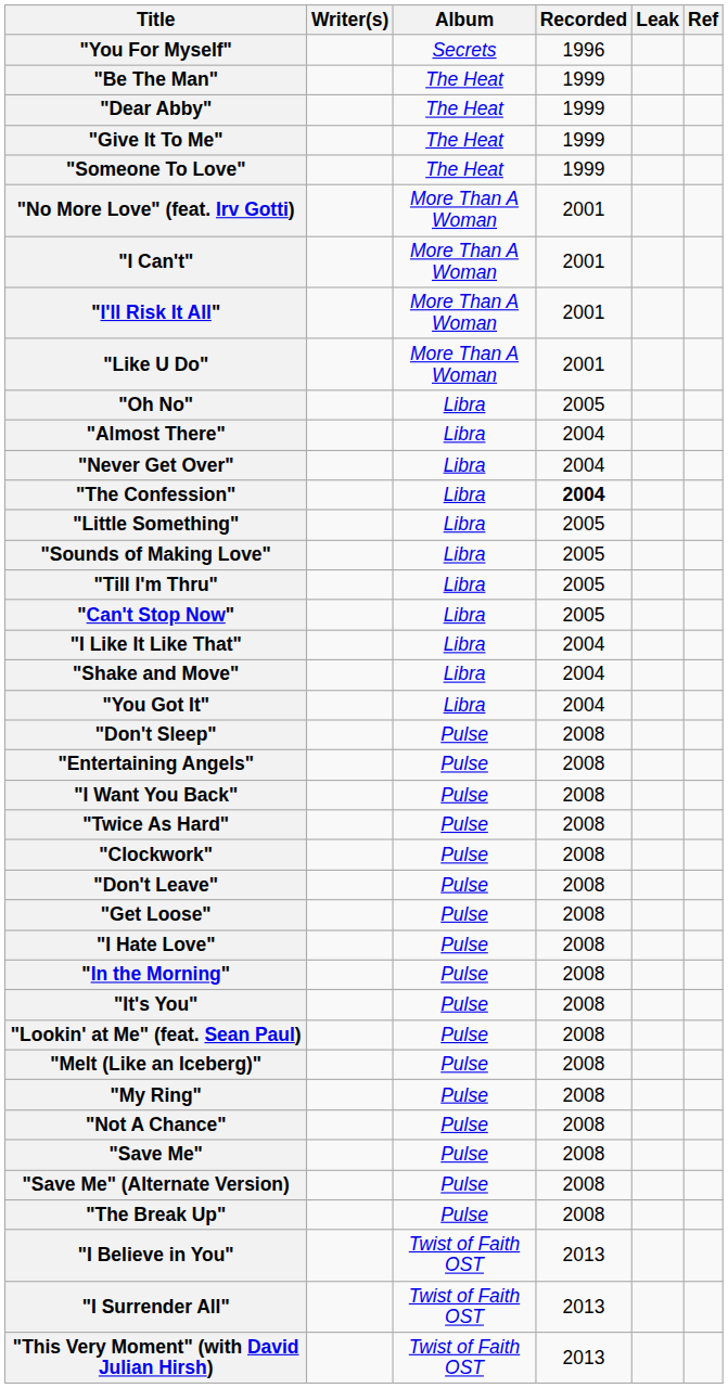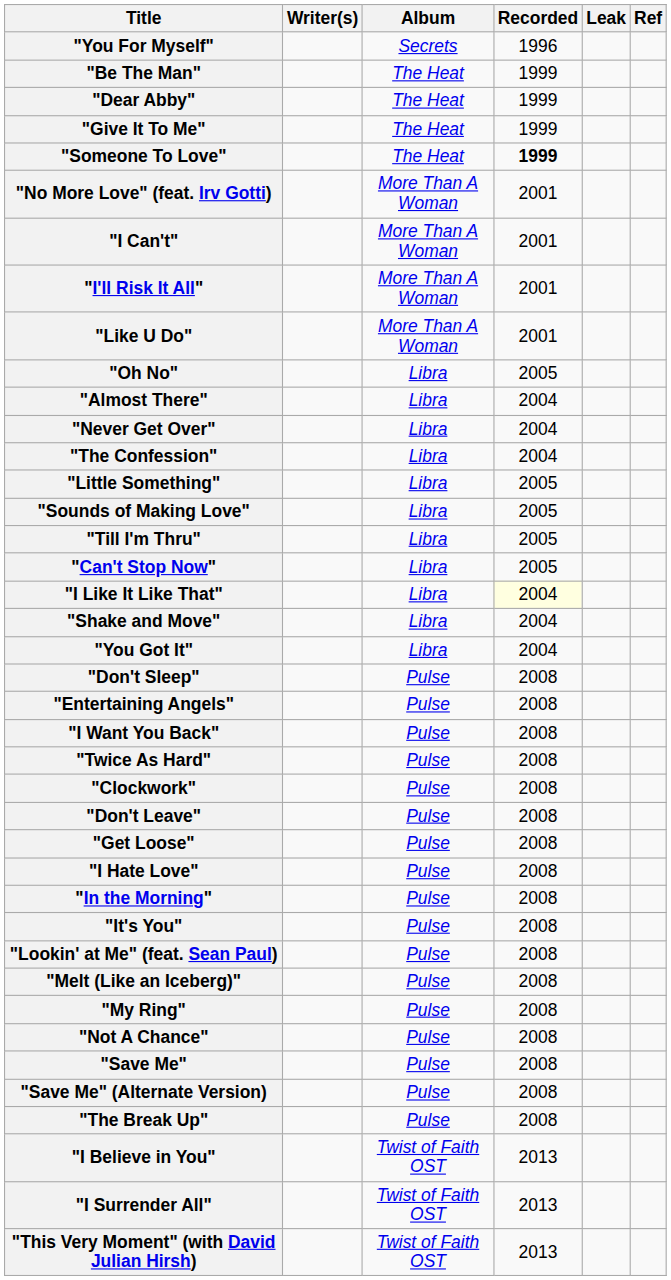 <table class="wikitable sortable plainrowheaders" style="text-align:center;">
 <tr>
 <th scope="col">Title</th>
 <th scope="col">Writer(s)</th>
 <th scope="col">Album</th>
 <th scope="col">Recorded</th>
 <th scope="col">Leak</th>
 <th scope="col" class="unsortable">Ref</th>
 </tr>
 <tr>
 <th scope="row">"You For Myself"</th>
 <td></td>
 <td><em><a href='#'>Secrets</a></em></td>
 <td>1996</td>
 <td></td>
 <td></td>
 </tr>
 <tr>
 <th scope="row">"Be The Man"</th>
 <td></td>
 <td><em><a href='#'>The Heat</a></em></td>
 <td>1999</td>
 <td></td>
 <td></td>
 </tr>
 <tr>
 <th scope="row">"Dear Abby"</th>
 <td></td>
 <td><em><a href='#'>The Heat</a></em></td>
 <td>1999</td>
 <td></td>
 <td></td>
 </tr>
 <tr>
 <th scope="row">"Give It To Me"</th>
 <td></td>
 <td><em><a href='#'>The Heat</a></em></td>
 <td>1999</td>
 <td></td>
 <td></td>
 </tr>
 <tr>
 <th scope="row">"Someone To Love"</th>
 <td></td>
 <td><em><a href='#'>The Heat</a></em></td>
-<td>1999</td>
+<td><strong>1999</strong></td>
 <td></td>
 <td></td>
 </tr>
 <tr>
 <th scope="row">"No More Love" (feat. <a href='#'>Irv Gotti</a>)</th>
 <td></td>
 <td><em><a href='#'>More Than A Woman</a></em></td>
 <td>2001</td>
 <td></td>
 <td></td>
 </tr>
 <tr>
 <th scope="row">"I Can't"</th>
 <td></td>
 <td><em><a href='#'>More Than A Woman</a></em></td>
 <td>2001</td>
 <td></td>
 <td></td>
 </tr>
 <tr>
 <th scope="row">"<a href='#'>I'll Risk It All</a>"</th>
 <td></td>
 <td><em><a href='#'>More Than A Woman</a></em></td>
 <td>2001</td>
 <td></td>
 <td></td>
 </tr>
 <tr>
 <th scope="row">"Like U Do"</th>
 <td></td>
 <td><em><a href='#'>More Than A Woman</a></em></td>
 <td>2001</td>
 <td></td>
 <td></td>
 </tr>
 <tr>
 <th scope="row">"Oh No"</th>
 <td></td>
 <td><em><a href='#'>Libra</a></em></td>
 <td>2005</td>
 <td></td>
 <td></td>
 </tr>
 <tr>
 <th scope="row">"Almost There"</th>
 <td></td>
 <td><a href='#'><em>Libra</em></a></td>
 <td>2004</td>
 <td></td>
 <td></td>
 </tr>
 <tr>
 <th scope="row">"Never Get Over"</th>
 <td></td>
 <td><em><a href='#'>Libra</a></em></td>
 <td>2004</td>
 <td></td>
 <td></td>
 </tr>
 <tr>
 <th scope="row">"The Confession"</th>
 <td></td>
 <td><em><a href='#'>Libra</a></em></td>
-<td><strong>2004</strong></td>
+<td>2004</td>
 <td></td>
 <td></td>
 </tr>
 <tr>
 <th scope="row">"Little Something"</th>
 <td></td>
 <td><em><a href='#'>Libra</a></em></td>
 <td>2005</td>
 <td></td>
 <td></td>
 </tr>
 <tr>
 <th scope="row">"Sounds of Making Love"</th>
 <td></td>
 <td><em><a href='#'>Libra</a></em></td>
 <td>2005</td>
 <td></td>
 <td></td>
 </tr>
 <tr>
 <th scope="row">"Till I'm Thru"</th>
 <td></td>
 <td><em><a href='#'>Libra</a></em></td>
 <td>2005</td>
 <td></td>
 <td></td>
 </tr>
 <tr>
 <th scope="row">"<a href='#'>Can't Stop Now</a>"</th>
 <td></td>
 <td><em><a href='#'>Libra</a></em></td>
 <td>2005</td>
 <td></td>
 <td></td>
 </tr>
 <tr>
 <th scope="row">"I Like It Like That"</th>
 <td></td>
 <td><a href='#'><em>Libra</em></a></td>
-<td>2004</td>
+<td style="background: lightyellow;">2004</td>
 <td></td>
 <td></td>
 </tr>
 <tr>
 <th scope="row">"Shake and Move"</th>
 <td></td>
 <td><em><a href='#'>Libra</a></em></td>
 <td>2004</td>
 <td></td>
 <td></td>
 </tr>
 <tr>
 <th scope="row">"You Got It"</th>
 <td></td>
 <td><em><a href='#'>Libra</a></em></td>
 <td>2004</td>
 <td></td>
 <td></td>
 </tr>
 <tr>
 <th scope="row">"Don't Sleep"</th>
 <td></td>
 <td><em><a href='#'>Pulse</a></em></td>
 <td>2008</td>
 <td></td>
 <td></td>
 </tr>
 <tr>
 <th scope="row">"Entertaining Angels"</th>
 <td></td>
 <td><em><a href='#'>Pulse</a></em></td>
 <td>2008</td>
 <td></td>
 <td></td>
 </tr>
 <tr>
 <th scope="row">"I Want You Back"</th>
 <td></td>
 <td><em><a href='#'>Pulse</a></em></td>
 <td>2008</td>
 <td></td>
 <td></td>
 </tr>
 <tr>
 <th scope="row">"Twice As Hard"</th>
 <td></td>
 <td><em><a href='#'>Pulse</a></em></td>
 <td>2008</td>
 <td></td>
 <td></td>
 </tr>
 <tr>
 <th scope="row">"Clockwork"</th>
 <td></td>
 <td><em><a href='#'>Pulse</a></em></td>
 <td>2008</td>
 <td></td>
 <td></td>
 </tr>
 <tr>
 <th scope="row">"Don't Leave"</th>
 <td></td>
 <td><em><a href='#'>Pulse</a></em></td>
 <td>2008</td>
 <td></td>
 <td></td>
 </tr>
 <tr>
 <th scope="row">"Get Loose"</th>
 <td></td>
 <td><em><a href='#'>Pulse</a></em></td>
 <td>2008</td>
 <td></td>
 <td></td>
 </tr>
 <tr>
 <th scope="row">"I Hate Love"</th>
 <td></td>
 <td><em><a href='#'>Pulse</a></em></td>
 <td>2008</td>
 <td></td>
 <td></td>
 </tr>
 <tr>
 <th scope="row">"<a href='#'>In the Morning</a>"</th>
 <td></td>
 <td><em><a href='#'>Pulse</a></em></td>
 <td>2008</td>
 <td></td>
 <td></td>
 </tr>
 <tr>
 <th scope="row">"It's You"</th>
 <td></td>
 <td><em><a href='#'>Pulse</a></em></td>
 <td>2008</td>
 <td></td>
 <td></td>
 </tr>
 <tr>
 <th scope="row">"Lookin' at Me" (feat. <a href='#'>Sean Paul</a>)</th>
 <td></td>
 <td><em><a href='#'>Pulse</a></em></td>
 <td>2008</td>
 <td></td>
 <td></td>
 </tr>
 <tr>
 <th scope="row">"Melt (Like an Iceberg)"</th>
 <td></td>
 <td><em><a href='#'>Pulse</a></em></td>
 <td>2008</td>
 <td></td>
 <td></td>
 </tr>
 <tr>
 <th scope="row">"My Ring"</th>
 <td></td>
 <td><em><a href='#'>Pulse</a></em></td>
 <td>2008</td>
 <td></td>
 <td></td>
 </tr>
 <tr>
 <th scope="row">"Not A Chance"</th>
 <td></td>
 <td><em><a href='#'>Pulse</a></em></td>
 <td>2008</td>
 <td></td>
 <td></td>
 </tr>
 <tr>
 <th scope="row">"Save Me"</th>
 <td></td>
 <td><em><a href='#'>Pulse</a></em></td>
 <td>2008</td>
 <td></td>
 <td></td>
 </tr>
 <tr>
 <th scope="row">"Save Me" (Alternate Version)</th>
 <td></td>
 <td><em><a href='#'>Pulse</a></em></td>
 <td>2008</td>
 <td></td>
 <td></td>
 </tr>
 <tr>
 <th scope="row">"The Break Up"</th>
 <td></td>
 <td><em><a href='#'>Pulse</a></em></td>
 <td>2008</td>
 <td></td>
 <td></td>
 </tr>
 <tr>
 <th scope="row">"I Believe in You"</th>
 <td></td>
 <td><em><a href='#'>Twist of Faith OST</a></em></td>
 <td>2013</td>
 <td></td>
 <td></td>
 </tr>
 <tr>
 <th scope="row">"I Surrender All"</th>
 <td></td>
 <td><em><a href='#'>Twist of Faith OST</a></em></td>
 <td>2013</td>
 <td></td>
 <td></td>
 </tr>
 <tr>
 <th scope="row">"This Very Moment" (with <a href='#'>David Julian Hirsh</a>)</th>
 <td></td>
 <td><em><a href='#'>Twist of Faith OST</a></em></td>
 <td>2013</td>
 <td></td>
 <td></td>
 </tr>
 </table>
